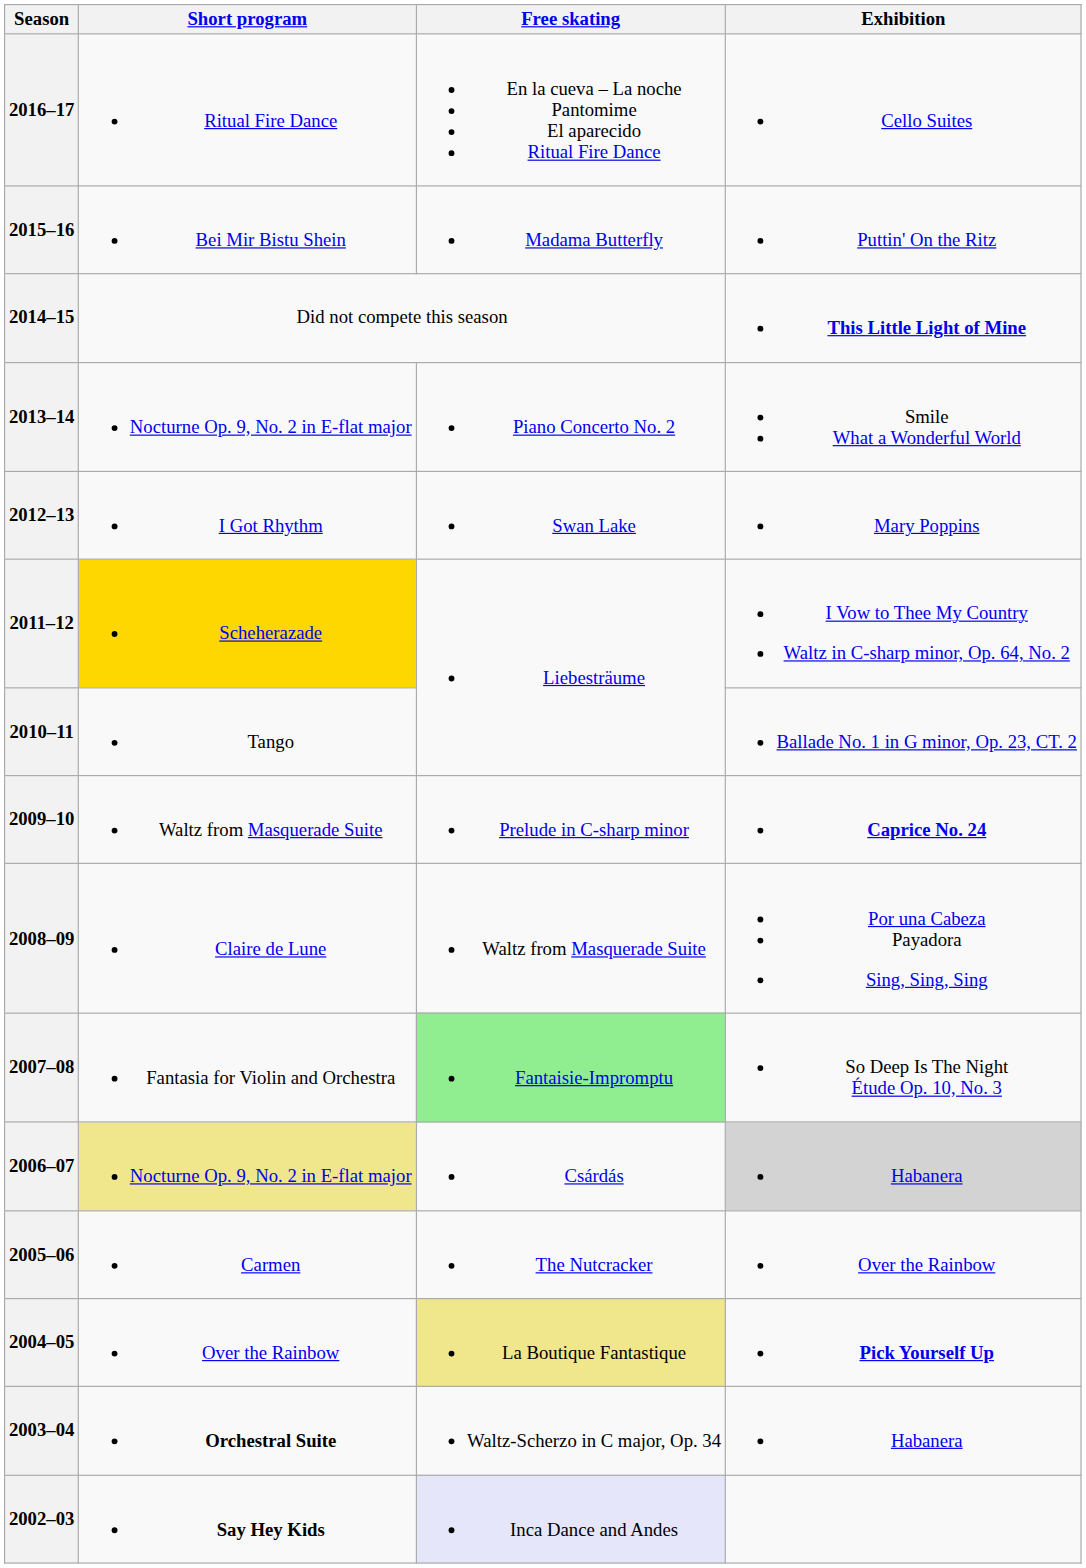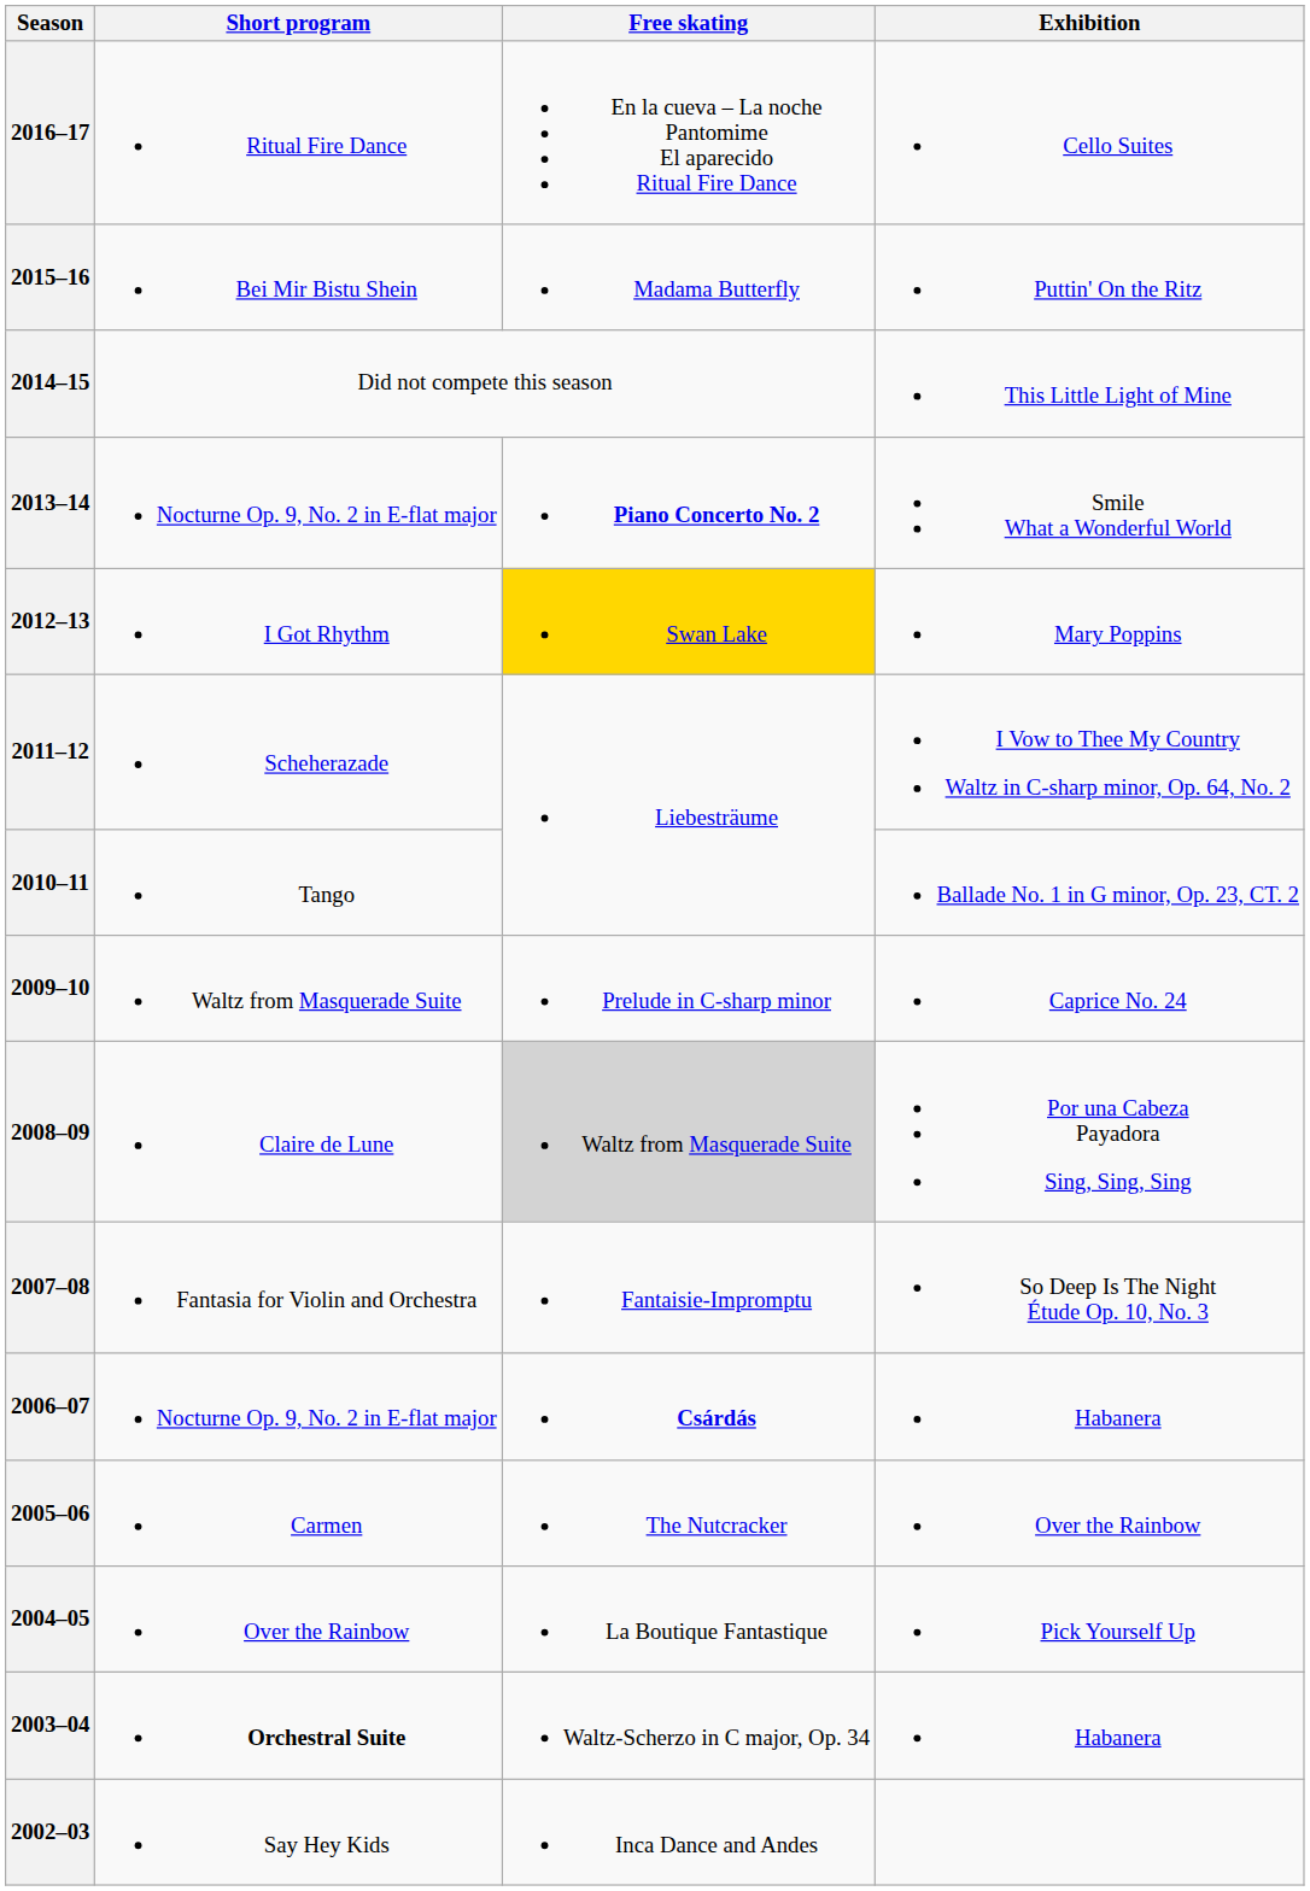 <table class="wikitable" style="text-align:center">
 <tr>
 <th>Season</th>
 <th><a href='#'>Short program</a></th>
 <th><a href='#'>Free skating</a></th>
 <th>Exhibition</th>
 </tr>
 <tr>
 <th>2016–17<br></th>
 <td><br><ul><li><a href='#'>Ritual Fire Dance</a><br></li></ul></td>
 <td><br><ul><li>En la cueva – La noche</li><li>Pantomime</li><li>El aparecido<br></li><li><a href='#'>Ritual Fire Dance</a><br></li></ul></td>
 <td><br><ul><li><a href='#'>Cello Suites</a><br></li></ul></td>
 </tr>
 <tr>
 <th>2015–16<br></th>
 <td><br><ul><li><a href='#'>Bei Mir Bistu Shein</a><br></li></ul></td>
 <td><br><ul><li><a href='#'>Madama Butterfly</a><br></li></ul></td>
 <td><br><ul><li><a href='#'>Puttin' On the Ritz</a><br></li></ul></td>
 </tr>
 <tr>
 <th>2014–15</th>
 <td colspan="2">Did not compete this season</td>
-<td><strong><br><ul><li><a href='#'>This Little Light of Mine</a><br></li></ul></strong></td>
+<td><br><ul><li><a href='#'>This Little Light of Mine</a><br></li></ul></td>
 </tr>
 <tr>
 <th>2013–14<br></th>
 <td><br><ul><li><a href='#'>Nocturne Op. 9, No. 2 in E-flat major</a><br></li></ul></td>
-<td><br><ul><li><a href='#'>Piano Concerto No. 2</a><br></li></ul></td>
+<td><strong><br><ul><li><a href='#'>Piano Concerto No. 2</a><br></li></ul></strong></td>
 <td><br><ul><li>Smile</li><li><a href='#'>What a Wonderful World</a><br></li></ul></td>
 </tr>
 <tr>
 <th>2012–13<br></th>
 <td><br><ul><li><a href='#'>I Got Rhythm</a><br></li></ul></td>
-<td><br><ul><li><a href='#'>Swan Lake</a><br></li></ul></td>
+<td style="background: gold;"><br><ul><li><a href='#'>Swan Lake</a><br></li></ul></td>
 <td><br><ul><li><a href='#'>Mary Poppins</a><br></li></ul></td>
 </tr>
 <tr>
 <th>2011–12<br></th>
-<td style="background: gold;"><br><ul><li><a href='#'>Scheherazade</a><br></li></ul></td>
+<td><br><ul><li><a href='#'>Scheherazade</a><br></li></ul></td>
 <td rowspan=2><br><ul><li><a href='#'>Liebesträume</a><br></li></ul></td>
 <td><br><ul><li><a href='#'>I Vow to Thee My Country</a><br></li></ul><ul><li><a href='#'>Waltz in C-sharp minor, Op. 64, No. 2</a><br></li></ul></td>
 </tr>
 <tr>
 <th>2010–11<br></th>
 <td><br><ul><li>Tango<br></li></ul></td>
 <td><br><ul><li><a href='#'>Ballade No. 1 in G minor, Op. 23, CT. 2</a><br></li></ul></td>
 </tr>
 <tr>
 <th>2009–10<br></th>
 <td><br><ul><li>Waltz from <a href='#'>Masquerade Suite</a><br></li></ul></td>
 <td><br><ul><li><a href='#'>Prelude in C-sharp minor</a><br></li></ul></td>
-<td><strong><br><ul><li><a href='#'>Caprice No. 24</a><br></li></ul></strong></td>
+<td><br><ul><li><a href='#'>Caprice No. 24</a><br></li></ul></td>
 </tr>
 <tr>
 <th>2008–09<br></th>
 <td><br><ul><li><a href='#'>Claire de Lune</a><br></li></ul></td>
-<td><br><ul><li>Waltz from <a href='#'>Masquerade Suite</a><br></li></ul></td>
+<td style="background: lightgrey;"><br><ul><li>Waltz from <a href='#'>Masquerade Suite</a><br></li></ul></td>
 <td><br><ul><li><a href='#'>Por una Cabeza</a><br></li><li>Payadora<br></li></ul><ul><li><a href='#'>Sing, Sing, Sing</a><br></li></ul></td>
 </tr>
 <tr>
 <th>2007–08<br></th>
 <td><br><ul><li>Fantasia for Violin and Orchestra<br></li></ul></td>
-<td style="background: lightgreen;"><br><ul><li><a href='#'>Fantaisie-Impromptu</a><br></li></ul></td>
+<td><br><ul><li><a href='#'>Fantaisie-Impromptu</a><br></li></ul></td>
 <td><br><ul><li>So Deep Is The Night<br><a href='#'>Étude Op. 10, No. 3</a><br></li></ul></td>
 </tr>
 <tr>
 <th>2006–07<br></th>
-<td style="background: khaki;"><br><ul><li><a href='#'>Nocturne Op. 9, No. 2 in E-flat major</a><br></li></ul></td>
-<td><br><ul><li><a href='#'>Csárdás</a><br></li></ul></td>
-<td style="background: lightgrey;"><br><ul><li><a href='#'>Habanera</a><br></li></ul></td>
+<td><br><ul><li><a href='#'>Nocturne Op. 9, No. 2 in E-flat major</a><br></li></ul></td>
+<td><strong><br><ul><li><a href='#'>Csárdás</a><br></li></ul></strong></td>
+<td><br><ul><li><a href='#'>Habanera</a><br></li></ul></td>
 </tr>
 <tr>
 <th>2005–06<br></th>
 <td><br><ul><li><a href='#'>Carmen</a><br></li></ul></td>
 <td><br><ul><li><a href='#'>The Nutcracker</a><br></li></ul></td>
 <td><br><ul><li><a href='#'>Over the Rainbow</a><br></li></ul></td>
 </tr>
 <tr>
 <th>2004–05<br></th>
 <td><br><ul><li><a href='#'>Over the Rainbow</a><br></li></ul></td>
-<td style="background: khaki;"><br><ul><li>La Boutique Fantastique<br></li></ul></td>
-<td><strong><br><ul><li><a href='#'>Pick Yourself Up</a><br></li></ul></strong></td>
+<td><br><ul><li>La Boutique Fantastique<br></li></ul></td>
+<td><br><ul><li><a href='#'>Pick Yourself Up</a><br></li></ul></td>
 </tr>
 <tr>
 <th>2003–04</th>
 <td><strong><br><ul><li>Orchestral Suite<br></li></ul></strong></td>
 <td><br><ul><li>Waltz-Scherzo in C major, Op. 34<br></li></ul></td>
 <td><br><ul><li><a href='#'>Habanera</a><br></li></ul></td>
 </tr>
 <tr>
 <th>2002–03</th>
-<td><strong><br><ul><li>Say Hey Kids<br></li></ul></strong></td>
-<td style="background: lavender;"><br><ul><li>Inca Dance and Andes<br></li></ul></td>
+<td><br><ul><li>Say Hey Kids<br></li></ul></td>
+<td><br><ul><li>Inca Dance and Andes<br></li></ul></td>
 <td></td>
 </tr>
 </table>
